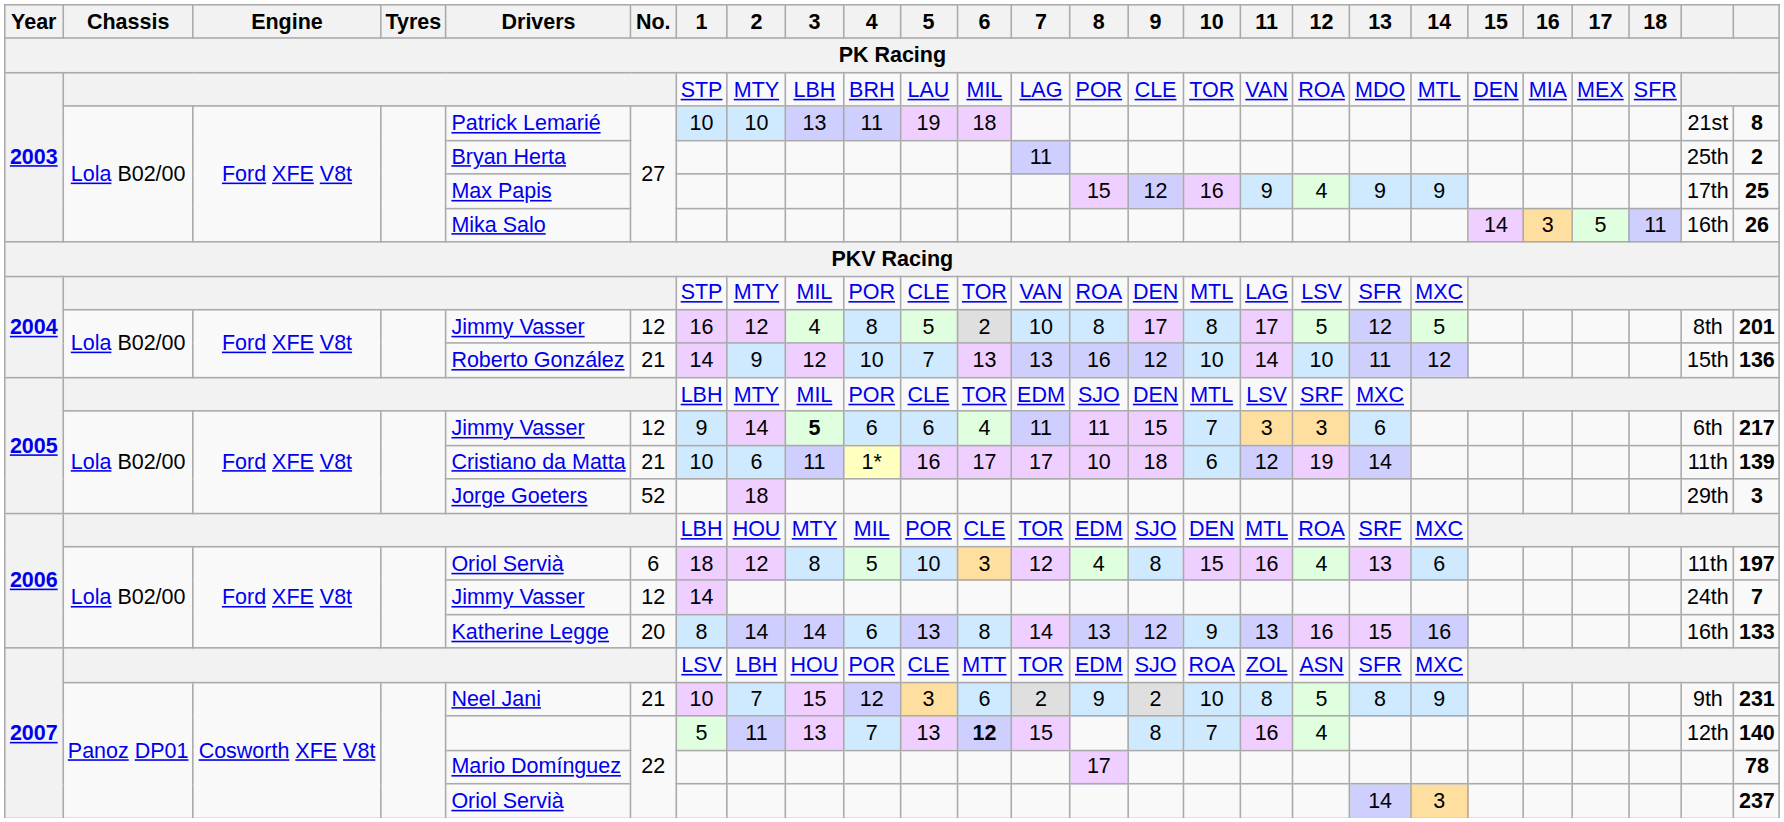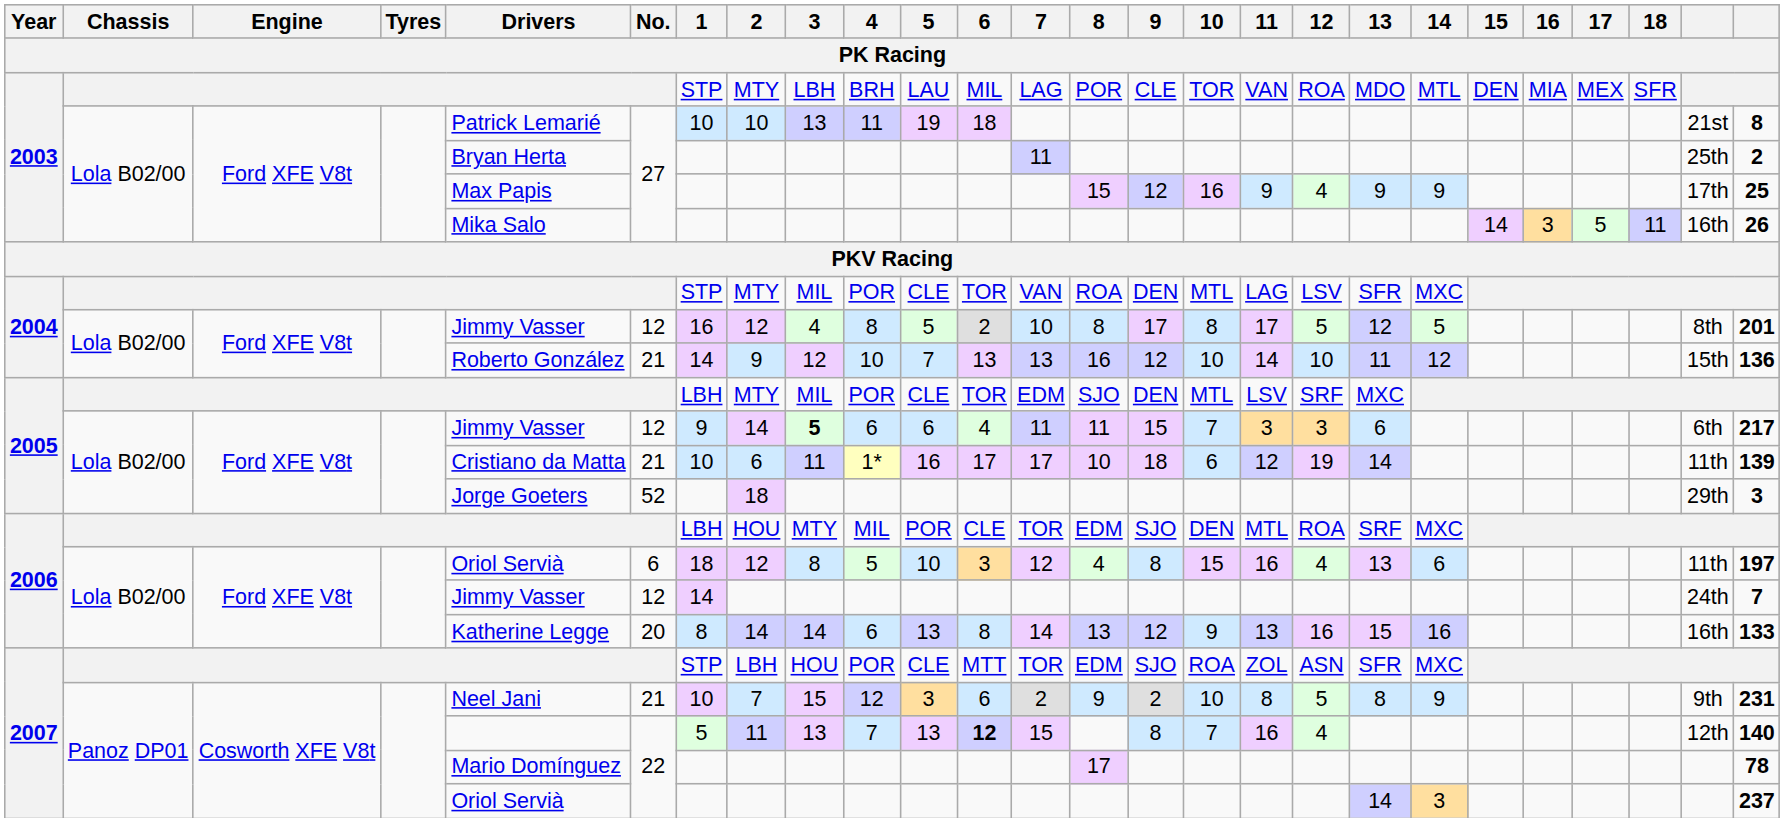 <table class="wikitable" style="text-align:center; font-size:85%">
 <tr>
 <th>Year</th>
 <th>Chassis</th>
 <th>Engine</th>
 <th>Tyres</th>
 <th>Drivers</th>
 <th>No.</th>
 <th>1</th>
 <th>2</th>
 <th>3</th>
 <th>4</th>
 <th>5</th>
 <th>6</th>
 <th>7</th>
 <th>8</th>
 <th>9</th>
 <th>10</th>
 <th>11</th>
 <th>12</th>
 <th>13</th>
 <th>14</th>
 <th>15</th>
 <th>16</th>
 <th>17</th>
 <th>18</th>
 <th></th>
 <th></th>
 </tr>
 <tr>
 <th colspan="26">PK Racing</th>
 </tr>
 <tr>
 <th rowspan=5><a href='#'>2003</a></th>
 <th colspan=5></th>
 <td><a href='#'>STP</a></td>
 <td><a href='#'>MTY</a></td>
 <td><a href='#'>LBH</a></td>
 <td><a href='#'>BRH</a></td>
 <td><a href='#'>LAU</a></td>
 <td><a href='#'>MIL</a></td>
 <td><a href='#'>LAG</a></td>
 <td><a href='#'>POR</a></td>
 <td><a href='#'>CLE</a></td>
 <td><a href='#'>TOR</a></td>
 <td><a href='#'>VAN</a></td>
 <td><a href='#'>ROA</a></td>
 <td><a href='#'>MDO</a></td>
 <td><a href='#'>MTL</a></td>
 <td><a href='#'>DEN</a></td>
 <td><a href='#'>MIA</a></td>
 <td><a href='#'>MEX</a></td>
 <td><a href='#'>SFR</a></td>
 <th colspan=2></th>
 </tr>
 <tr>
 <td rowspan=4><a href='#'>Lola</a> B02/00</td>
 <td rowspan=4><a href='#'>Ford</a> <a href='#'>XFE</a> <a href='#'>V8</a><a href='#'>t</a></td>
 <td rowspan=4></td>
 <td align="left"> <a href='#'>Patrick Lemarié</a></td>
 <td rowspan=4>27</td>
 <td style="background:#CFEAFF;">10</td>
 <td style="background:#CFEAFF;">10</td>
 <td style="background:#cfcfff;">13</td>
 <td style="background:#CFCFFF;">11</td>
 <td style="background:#efcfff;">19</td>
 <td style="background:#efcfff;">18</td>
 <td></td>
 <td></td>
 <td></td>
 <td></td>
 <td></td>
 <td></td>
 <td></td>
 <td></td>
 <td></td>
 <td></td>
 <td></td>
 <td></td>
 <td>21st</td>
 <td><strong>8</strong></td>
 </tr>
 <tr>
 <td align="left"> <a href='#'>Bryan Herta</a></td>
 <td></td>
 <td></td>
 <td></td>
 <td></td>
 <td></td>
 <td></td>
 <td style="background:#CFCFFF;">11</td>
 <td></td>
 <td></td>
 <td></td>
 <td></td>
 <td></td>
 <td></td>
 <td></td>
 <td></td>
 <td></td>
 <td></td>
 <td></td>
 <td>25th</td>
 <td><strong>2</strong></td>
 </tr>
 <tr>
 <td align="left"> <a href='#'>Max Papis</a></td>
 <td></td>
 <td></td>
 <td></td>
 <td></td>
 <td></td>
 <td></td>
 <td></td>
 <td style="background:#efcfff;">15</td>
 <td style="background:#CFCFFF;">12</td>
 <td style="background:#efcfff;">16</td>
 <td style="background:#CFEAFF;">9</td>
 <td style="background:#dfffdf;">4</td>
 <td style="background:#CFEAFF;">9</td>
 <td style="background:#CFEAFF;">9</td>
 <td></td>
 <td></td>
 <td></td>
 <td></td>
 <td>17th</td>
 <td><strong>25</strong></td>
 </tr>
 <tr>
 <td align="left"> <a href='#'>Mika Salo</a></td>
 <td></td>
 <td></td>
 <td></td>
 <td></td>
 <td></td>
 <td></td>
 <td></td>
 <td></td>
 <td></td>
 <td></td>
 <td></td>
 <td></td>
 <td></td>
 <td></td>
 <td style="background:#EFCFFF;">14</td>
 <td style="background:#ffdf9f;">3</td>
 <td style="background:#dfffdf;">5</td>
 <td style="background:#CFCFFF;">11</td>
 <td>16th</td>
 <td><strong>26</strong></td>
 </tr>
 <tr>
 <th colspan="26">PKV Racing</th>
 </tr>
 <tr>
 <th rowspan=3><a href='#'>2004</a></th>
 <th colspan=5></th>
 <td><a href='#'>STP</a></td>
 <td><a href='#'>MTY</a></td>
 <td><a href='#'>MIL</a></td>
 <td><a href='#'>POR</a></td>
 <td><a href='#'>CLE</a></td>
 <td><a href='#'>TOR</a></td>
 <td><a href='#'>VAN</a></td>
 <td><a href='#'>ROA</a></td>
 <td><a href='#'>DEN</a></td>
 <td><a href='#'>MTL</a></td>
 <td><a href='#'>LAG</a></td>
 <td><a href='#'>LSV</a></td>
 <td><a href='#'>SFR</a></td>
 <td><a href='#'>MXC</a></td>
 <th colspan=6></th>
 </tr>
 <tr>
 <td rowspan=2><a href='#'>Lola</a> B02/00</td>
 <td rowspan=2><a href='#'>Ford</a> <a href='#'>XFE</a> <a href='#'>V8</a><a href='#'>t</a></td>
 <td rowspan=2></td>
 <td align="left"> <a href='#'>Jimmy Vasser</a></td>
 <td>12</td>
 <td style="background:#efcfff;">16</td>
 <td style="background:#efcfff;">12</td>
 <td style="background:#dfffdf;">4</td>
 <td style="background:#CFEAFF;">8</td>
 <td style="background:#dfffdf;">5</td>
 <td style="background:#dfdfdf;">2</td>
 <td style="background:#CFEAFF;">10</td>
 <td style="background:#CFEAFF;">8</td>
 <td style="background:#efcfff;">17</td>
 <td style="background:#CFEAFF;">8</td>
 <td style="background:#efcfff;">17</td>
 <td style="background:#dfffdf;">5</td>
 <td style="background:#CFCFFF;">12</td>
 <td style="background:#dfffdf;">5</td>
 <td></td>
 <td></td>
 <td></td>
 <td></td>
 <td>8th</td>
 <td><strong>201</strong></td>
 </tr>
 <tr>
 <td align="left"> <a href='#'>Roberto González</a></td>
 <td>21</td>
 <td style="background:#efcfff;">14</td>
 <td style="background:#CFEAFF;">9</td>
 <td style="background:#efcfff;">12</td>
 <td style="background:#CFEAFF;">10</td>
 <td style="background:#CFEAFF;">7</td>
 <td style="background:#efcfff;">13</td>
 <td style="background:#CFCFFF;">13</td>
 <td style="background:#CFCFFF;">16</td>
 <td style="background:#CFCFFF;">12</td>
 <td style="background:#CFEAFF;">10</td>
 <td style="background:#efcfff;">14</td>
 <td style="background:#CFEAFF;">10</td>
 <td style="background:#CFCFFF;">11</td>
 <td style="background:#CFCFFF;">12</td>
 <td></td>
 <td></td>
 <td></td>
 <td></td>
 <td>15th</td>
 <td><strong>136</strong></td>
 </tr>
 <tr>
 <th rowspan=4><a href='#'>2005</a></th>
 <th colspan=5></th>
 <td><a href='#'>LBH</a></td>
 <td><a href='#'>MTY</a></td>
 <td><a href='#'>MIL</a></td>
 <td><a href='#'>POR</a></td>
 <td><a href='#'>CLE</a></td>
 <td><a href='#'>TOR</a></td>
 <td><a href='#'>EDM</a></td>
 <td><a href='#'>SJO</a></td>
 <td><a href='#'>DEN</a></td>
 <td><a href='#'>MTL</a></td>
 <td><a href='#'>LSV</a></td>
 <td><a href='#'>SRF</a></td>
 <td><a href='#'>MXC</a></td>
 <th colspan=7></th>
 </tr>
 <tr>
 <td rowspan=3><a href='#'>Lola</a> B02/00</td>
 <td rowspan=3><a href='#'>Ford</a> <a href='#'>XFE</a> <a href='#'>V8</a><a href='#'>t</a></td>
 <td rowspan=3></td>
 <td align="left"> <a href='#'>Jimmy Vasser</a></td>
 <td>12</td>
 <td style="background:#CFEAFF;">9</td>
 <td style="background:#efcfff;">14</td>
 <td style="background:#dfffdf;"><strong>5</strong></td>
 <td style="background:#CFEAFF;">6</td>
 <td style="background:#CFEAFF;">6</td>
 <td style="background:#dfffdf;">4</td>
 <td style="background:#CFCFFF;">11</td>
 <td style="background:#efcfff;">11</td>
 <td style="background:#efcfff;">15</td>
 <td style="background:#CFEAFF;">7</td>
 <td style="background:#ffdf9f;">3</td>
 <td style="background:#ffdf9f;">3</td>
 <td style="background:#CFEAFF;">6</td>
 <td></td>
 <td></td>
 <td></td>
 <td></td>
 <td></td>
 <td>6th</td>
 <td><strong>217</strong></td>
 </tr>
 <tr>
 <td align="left"> <a href='#'>Cristiano da Matta</a></td>
 <td>21</td>
 <td style="background:#CFEAFF;">10</td>
 <td style="background:#CFEAFF;">6</td>
 <td style="background:#CFCFFF;">11</td>
 <td style="background:#ffffbf;">1*</td>
 <td style="background:#efcfff;">16</td>
 <td style="background:#efcfff;">17</td>
 <td style="background:#efcfff;">17</td>
 <td style="background:#efcfff;">10</td>
 <td style="background:#efcfff;">18</td>
 <td style="background:#CFEAFF;">6</td>
 <td style="background:#CFCFFF;">12</td>
 <td style="background:#efcfff;">19</td>
 <td style="background:#CFCFFF;">14</td>
 <td></td>
 <td></td>
 <td></td>
 <td></td>
 <td></td>
 <td>11th</td>
 <td><strong>139</strong></td>
 </tr>
 <tr>
 <td align="left"> <a href='#'>Jorge Goeters</a></td>
 <td>52</td>
 <td></td>
 <td style="background:#efcfff;">18</td>
 <td></td>
 <td></td>
 <td></td>
 <td></td>
 <td></td>
 <td></td>
 <td></td>
 <td></td>
 <td></td>
 <td></td>
 <td></td>
 <td></td>
 <td></td>
 <td></td>
 <td></td>
 <td></td>
 <td>29th</td>
 <td><strong>3</strong></td>
 </tr>
 <tr>
 <th rowspan=4><a href='#'>2006</a></th>
 <th colspan=5></th>
 <td><a href='#'>LBH</a></td>
 <td><a href='#'>HOU</a></td>
 <td><a href='#'>MTY</a></td>
 <td><a href='#'>MIL</a></td>
 <td><a href='#'>POR</a></td>
 <td><a href='#'>CLE</a></td>
 <td><a href='#'>TOR</a></td>
 <td><a href='#'>EDM</a></td>
 <td><a href='#'>SJO</a></td>
 <td><a href='#'>DEN</a></td>
 <td><a href='#'>MTL</a></td>
 <td><a href='#'>ROA</a></td>
 <td><a href='#'>SRF</a></td>
 <td><a href='#'>MXC</a></td>
 <th colspan=6></th>
 </tr>
 <tr>
 <td rowspan=3><a href='#'>Lola</a> B02/00</td>
 <td rowspan=3><a href='#'>Ford</a> <a href='#'>XFE</a> <a href='#'>V8</a><a href='#'>t</a></td>
 <td rowspan=3></td>
 <td align="left"> <a href='#'>Oriol Servià</a></td>
 <td>6</td>
 <td style="background:#efcfff;">18</td>
 <td style="background:#efcfff;">12</td>
 <td style="background:#CFEAFF;">8</td>
 <td style="background:#dfffdf;">5</td>
 <td style="background:#CFEAFF;">10</td>
 <td style="background:#ffdf9f;">3</td>
 <td style="background:#efcfff;">12</td>
 <td style="background:#dfffdf;">4</td>
 <td style="background:#CFEAFF;">8</td>
 <td style="background:#efcfff;">15</td>
 <td style="background:#efcfff;">16</td>
 <td style="background:#dfffdf;">4</td>
 <td style="background:#efcfff;">13</td>
 <td style="background:#CFEAFF;">6</td>
 <td></td>
 <td></td>
 <td></td>
 <td></td>
 <td>11th</td>
 <td><strong>197</strong></td>
 </tr>
 <tr>
 <td align="left"> <a href='#'>Jimmy Vasser</a></td>
 <td>12</td>
 <td style="background:#efcfff;">14</td>
 <td></td>
 <td></td>
 <td></td>
 <td></td>
 <td></td>
 <td></td>
 <td></td>
 <td></td>
 <td></td>
 <td></td>
 <td></td>
 <td></td>
 <td></td>
 <td></td>
 <td></td>
 <td></td>
 <td></td>
 <td>24th</td>
 <td><strong>7</strong></td>
 </tr>
 <tr>
 <td align="left"> <a href='#'>Katherine Legge</a></td>
 <td>20</td>
 <td style="background:#CFEAFF;">8</td>
 <td style="background:#CFCFFF;">14</td>
 <td style="background:#CFCFFF;">14</td>
 <td style="background:#CFEAFF;">6</td>
 <td style="background:#CFCFFF;">13</td>
 <td style="background:#CFEAFF;">8</td>
 <td style="background:#efcfff;">14</td>
 <td style="background:#CFCFFF;">13</td>
 <td style="background:#CFCFFF;">12</td>
 <td style="background:#CFEAFF;">9</td>
 <td style="background:#CFCFFF;">13</td>
 <td style="background:#efcfff;">16</td>
 <td style="background:#efcfff;">15</td>
 <td style="background:#CFCFFF;">16</td>
 <td></td>
 <td></td>
 <td></td>
 <td></td>
 <td>16th</td>
 <td><strong>133</strong></td>
 </tr>
 <tr>
 <th rowspan=5><a href='#'>2007</a></th>
 <th colspan=5></th>
-<td><a href='#'>LSV</a></td>
+<td><a href='#'>STP</a></td>
 <td><a href='#'>LBH</a></td>
 <td><a href='#'>HOU</a></td>
 <td><a href='#'>POR</a></td>
 <td><a href='#'>CLE</a></td>
 <td><a href='#'>MTT</a></td>
 <td><a href='#'>TOR</a></td>
 <td><a href='#'>EDM</a></td>
 <td><a href='#'>SJO</a></td>
 <td><a href='#'>ROA</a></td>
 <td><a href='#'>ZOL</a></td>
 <td><a href='#'>ASN</a></td>
 <td><a href='#'>SFR</a></td>
 <td><a href='#'>MXC</a></td>
 <th colspan=6></th>
 </tr>
 <tr>
 <td rowspan=4><a href='#'>Panoz</a> <a href='#'>DP01</a></td>
 <td rowspan=4><a href='#'>Cosworth</a> <a href='#'>XFE</a> <a href='#'>V8</a><a href='#'>t</a></td>
 <td rowspan=4></td>
 <td align="left"> <a href='#'>Neel Jani</a></td>
 <td>21</td>
 <td style="background:#efcfff;">10</td>
 <td style="background:#cfeaff;">7</td>
 <td style="background:#efcfff;">15</td>
 <td style="background:#cfcfff;">12</td>
 <td style="background:#ffdf9f;">3</td>
 <td style="background:#cfeaff;">6</td>
 <td style="background:#dfdfdf;">2</td>
 <td style="background:#cfeaff;">9</td>
 <td style="background:#dfdfdf;">2</td>
 <td style="background:#cfeaff;">10</td>
 <td style="background:#cfeaff;">8</td>
 <td style="background:#dfffdf;">5</td>
 <td style="background:#cfeaff;">8</td>
 <td style="background:#cfeaff;">9</td>
 <td></td>
 <td></td>
 <td></td>
 <td></td>
 <td>9th</td>
 <td><strong>231</strong></td>
 </tr>
 <tr>
 <td align="left"></td>
 <td rowspan=3>22</td>
 <td style="background:#dfffdf;">5</td>
 <td style="background:#cfcfff;">11</td>
 <td style="background:#efcfff;">13</td>
 <td style="background:#cfeaff;">7</td>
 <td style="background:#efcfff;">13</td>
 <td style="background:#cfcfff;"><strong>12</strong></td>
 <td style="background:#efcfff;">15</td>
 <td></td>
 <td style="background:#cfeaff;">8</td>
 <td style="background:#cfeaff;">7</td>
 <td style="background:#efcfff;">16</td>
 <td style="background:#dfffdf;">4</td>
 <td></td>
 <td></td>
 <td></td>
 <td></td>
 <td></td>
 <td></td>
 <td>12th</td>
 <td><strong>140</strong></td>
 </tr>
 <tr>
 <td align="left"> <a href='#'>Mario Domínguez</a></td>
 <td></td>
 <td></td>
 <td></td>
 <td></td>
 <td></td>
 <td></td>
 <td></td>
 <td style="background:#efcfff;">17</td>
 <td></td>
 <td></td>
 <td></td>
 <td></td>
 <td></td>
 <td></td>
 <td></td>
 <td></td>
 <td></td>
 <td></td>
 <td></td>
 <td><strong>78</strong></td>
 </tr>
 <tr>
 <td align="left"> <a href='#'>Oriol Servià</a></td>
 <td></td>
 <td></td>
 <td></td>
 <td></td>
 <td></td>
 <td></td>
 <td></td>
 <td></td>
 <td></td>
 <td></td>
 <td></td>
 <td></td>
 <td style="background:#cfcfff;">14</td>
 <td style="background:#ffdf9f;">3</td>
 <td></td>
 <td></td>
 <td></td>
 <td></td>
 <td></td>
 <td><strong>237</strong></td>
 </tr>
 </table>
